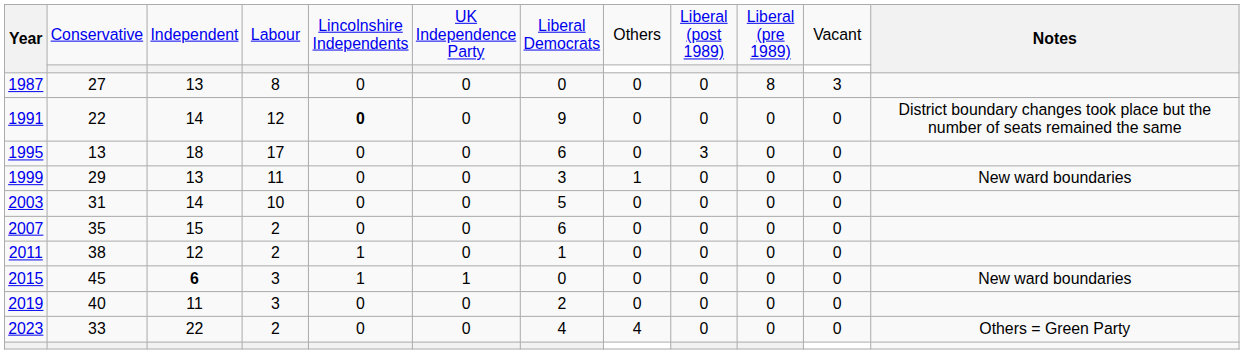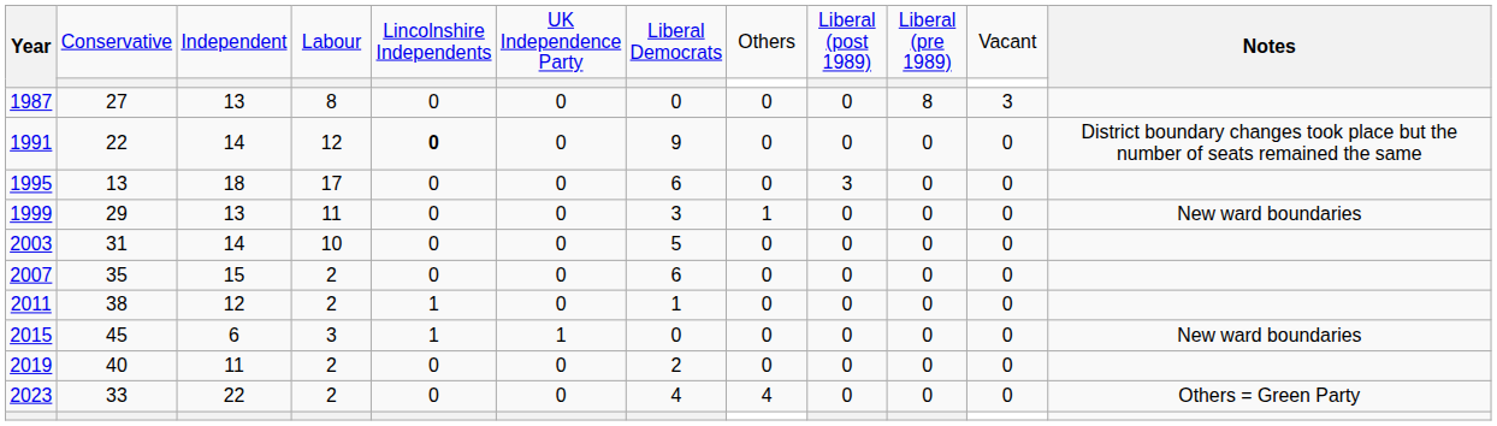 <table class=wikitable style=text-align:center>
 <tr>
 <th rowspan=2>Year</th>
 <td width="60"><a href='#'>Conservative</a></td>
 <td width="60"><a href='#'>Independent</a></td>
 <td width="60"><a href='#'>Labour</a></td>
 <td width="60"><a href='#'>Lincolnshire Independents</a></td>
 <td width="60"><a href='#'>UK Independence Party</a></td>
 <td width="60"><a href='#'>Liberal Democrats</a></td>
 <td width="60">Others</td>
 <td width="60"><a href='#'>Liberal (post 1989)</a></td>
 <td width="60"><a href='#'>Liberal (pre 1989)</a></td>
 <td width="60">Vacant</td>
 <th rowspan="2">Notes</th>
 </tr>
 <tr>
 <th style="background-color: "></th>
 <th style="background-color: "></th>
 <th style="background-color: "></th>
 <th style="background-color: "></th>
 <th style="background-color: "></th>
 <th style="background-color: "></th>
 <th style="background-color: white; width: 3px;"></th>
 <th style="background-color: "></th>
 <th style="background-color: "></th>
 <th style="background-color: white; width: 3px;"></th>
 </tr>
 <tr>
 <td><a href='#'>1987</a></td>
 <td>27</td>
 <td>13</td>
 <td>8</td>
 <td>0</td>
 <td>0</td>
 <td>0</td>
 <td>0</td>
 <td>0</td>
 <td>8</td>
 <td>3</td>
 <td></td>
 </tr>
 <tr>
 <td><a href='#'>1991</a></td>
 <td>22</td>
 <td>14</td>
 <td>12</td>
 <td><strong>0</strong></td>
 <td>0</td>
 <td>9</td>
 <td>0</td>
 <td>0</td>
 <td>0</td>
 <td>0</td>
 <td>District boundary changes took place but the number of seats remained the same</td>
 </tr>
 <tr>
 <td><a href='#'>1995</a></td>
 <td>13</td>
 <td>18</td>
 <td>17</td>
 <td>0</td>
 <td>0</td>
 <td>6</td>
 <td>0</td>
 <td>3</td>
 <td>0</td>
 <td>0</td>
 <td></td>
 </tr>
 <tr>
 <td><a href='#'>1999</a></td>
 <td>29</td>
 <td>13</td>
 <td>11</td>
 <td>0</td>
 <td>0</td>
 <td>3</td>
 <td>1</td>
 <td>0</td>
 <td>0</td>
 <td>0</td>
 <td>New ward boundaries</td>
 </tr>
 <tr>
 <td><a href='#'>2003</a></td>
 <td>31</td>
 <td>14</td>
 <td>10</td>
 <td>0</td>
 <td>0</td>
 <td>5</td>
 <td>0</td>
 <td>0</td>
 <td>0</td>
 <td>0</td>
 <td></td>
 </tr>
 <tr>
 <td><a href='#'>2007</a></td>
 <td>35</td>
 <td>15</td>
 <td>2</td>
 <td>0</td>
 <td>0</td>
 <td>6</td>
 <td>0</td>
 <td>0</td>
 <td>0</td>
 <td>0</td>
 <td></td>
 </tr>
 <tr>
 <td><a href='#'>2011</a></td>
 <td>38</td>
 <td>12</td>
 <td>2</td>
 <td>1</td>
 <td>0</td>
 <td>1</td>
 <td>0</td>
 <td>0</td>
 <td>0</td>
 <td>0</td>
 <td></td>
 </tr>
 <tr>
 <td><a href='#'>2015</a></td>
 <td>45</td>
-<td><strong>6</strong></td>
+<td>6</td>
 <td>3</td>
 <td>1</td>
 <td>1</td>
 <td>0</td>
 <td>0</td>
 <td>0</td>
 <td>0</td>
 <td>0</td>
 <td>New ward boundaries</td>
 </tr>
 <tr>
 <td><a href='#'>2019</a></td>
 <td>40</td>
 <td>11</td>
-<td>3</td>
+<td>2</td>
 <td>0</td>
 <td>0</td>
 <td>2</td>
 <td>0</td>
 <td>0</td>
 <td>0</td>
 <td>0</td>
 <td></td>
 </tr>
 <tr>
 <td><a href='#'>2023</a></td>
 <td>33</td>
 <td>22</td>
 <td>2</td>
 <td>0</td>
 <td>0</td>
 <td>4</td>
 <td>4</td>
 <td>0</td>
 <td>0</td>
 <td>0</td>
 <td>Others = Green Party</td>
 </tr>
 <tr>
 <th></th>
 <th style="background-color: "></th>
 <th style="background-color: "></th>
 <th style="background-color: "></th>
 <th style="background-color: "></th>
 <th style="background-color: "></th>
 <th style="background-color: "></th>
 <th style="background-color: white; width: 3px;"></th>
 <th style="background-color: "></th>
 <th style="background-color: "></th>
 <th style="background-color: white; width: 3px;"></th>
 <td></td>
 </tr>
 </table>
